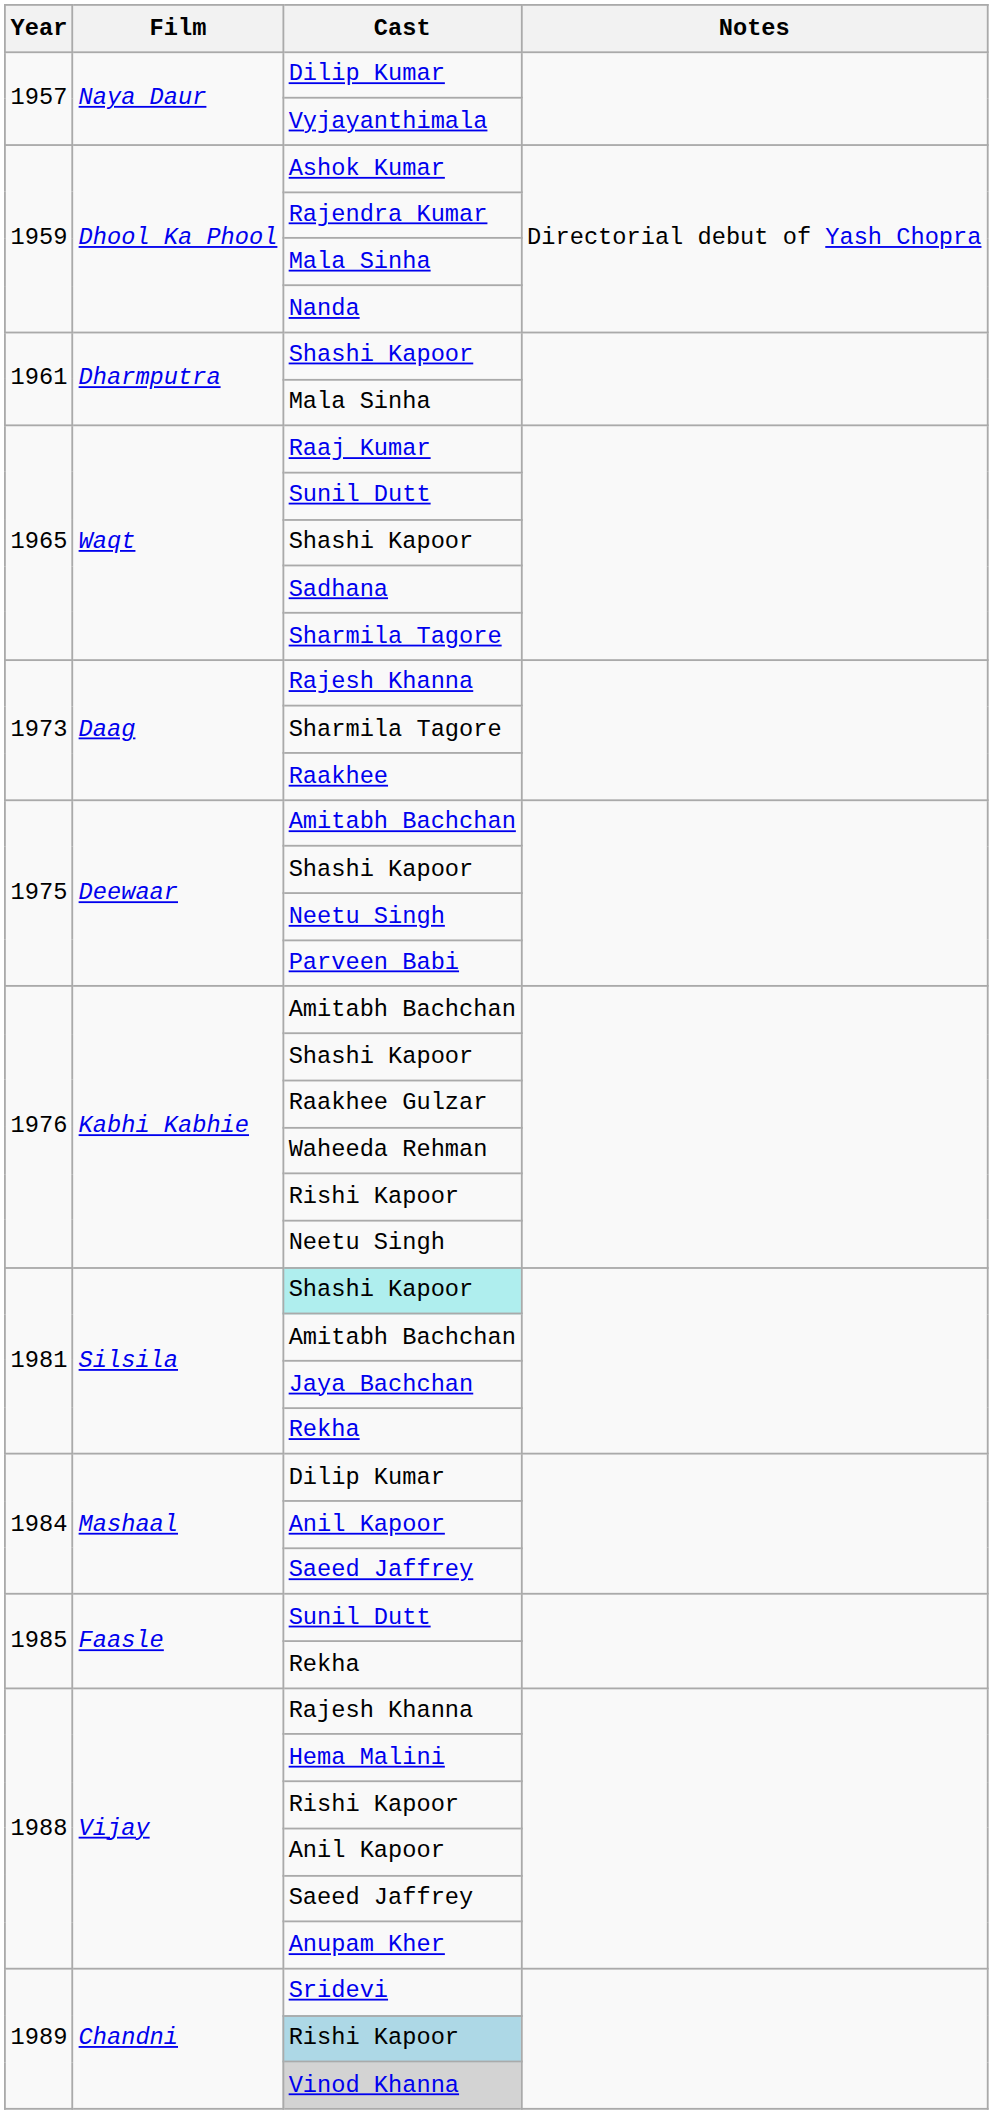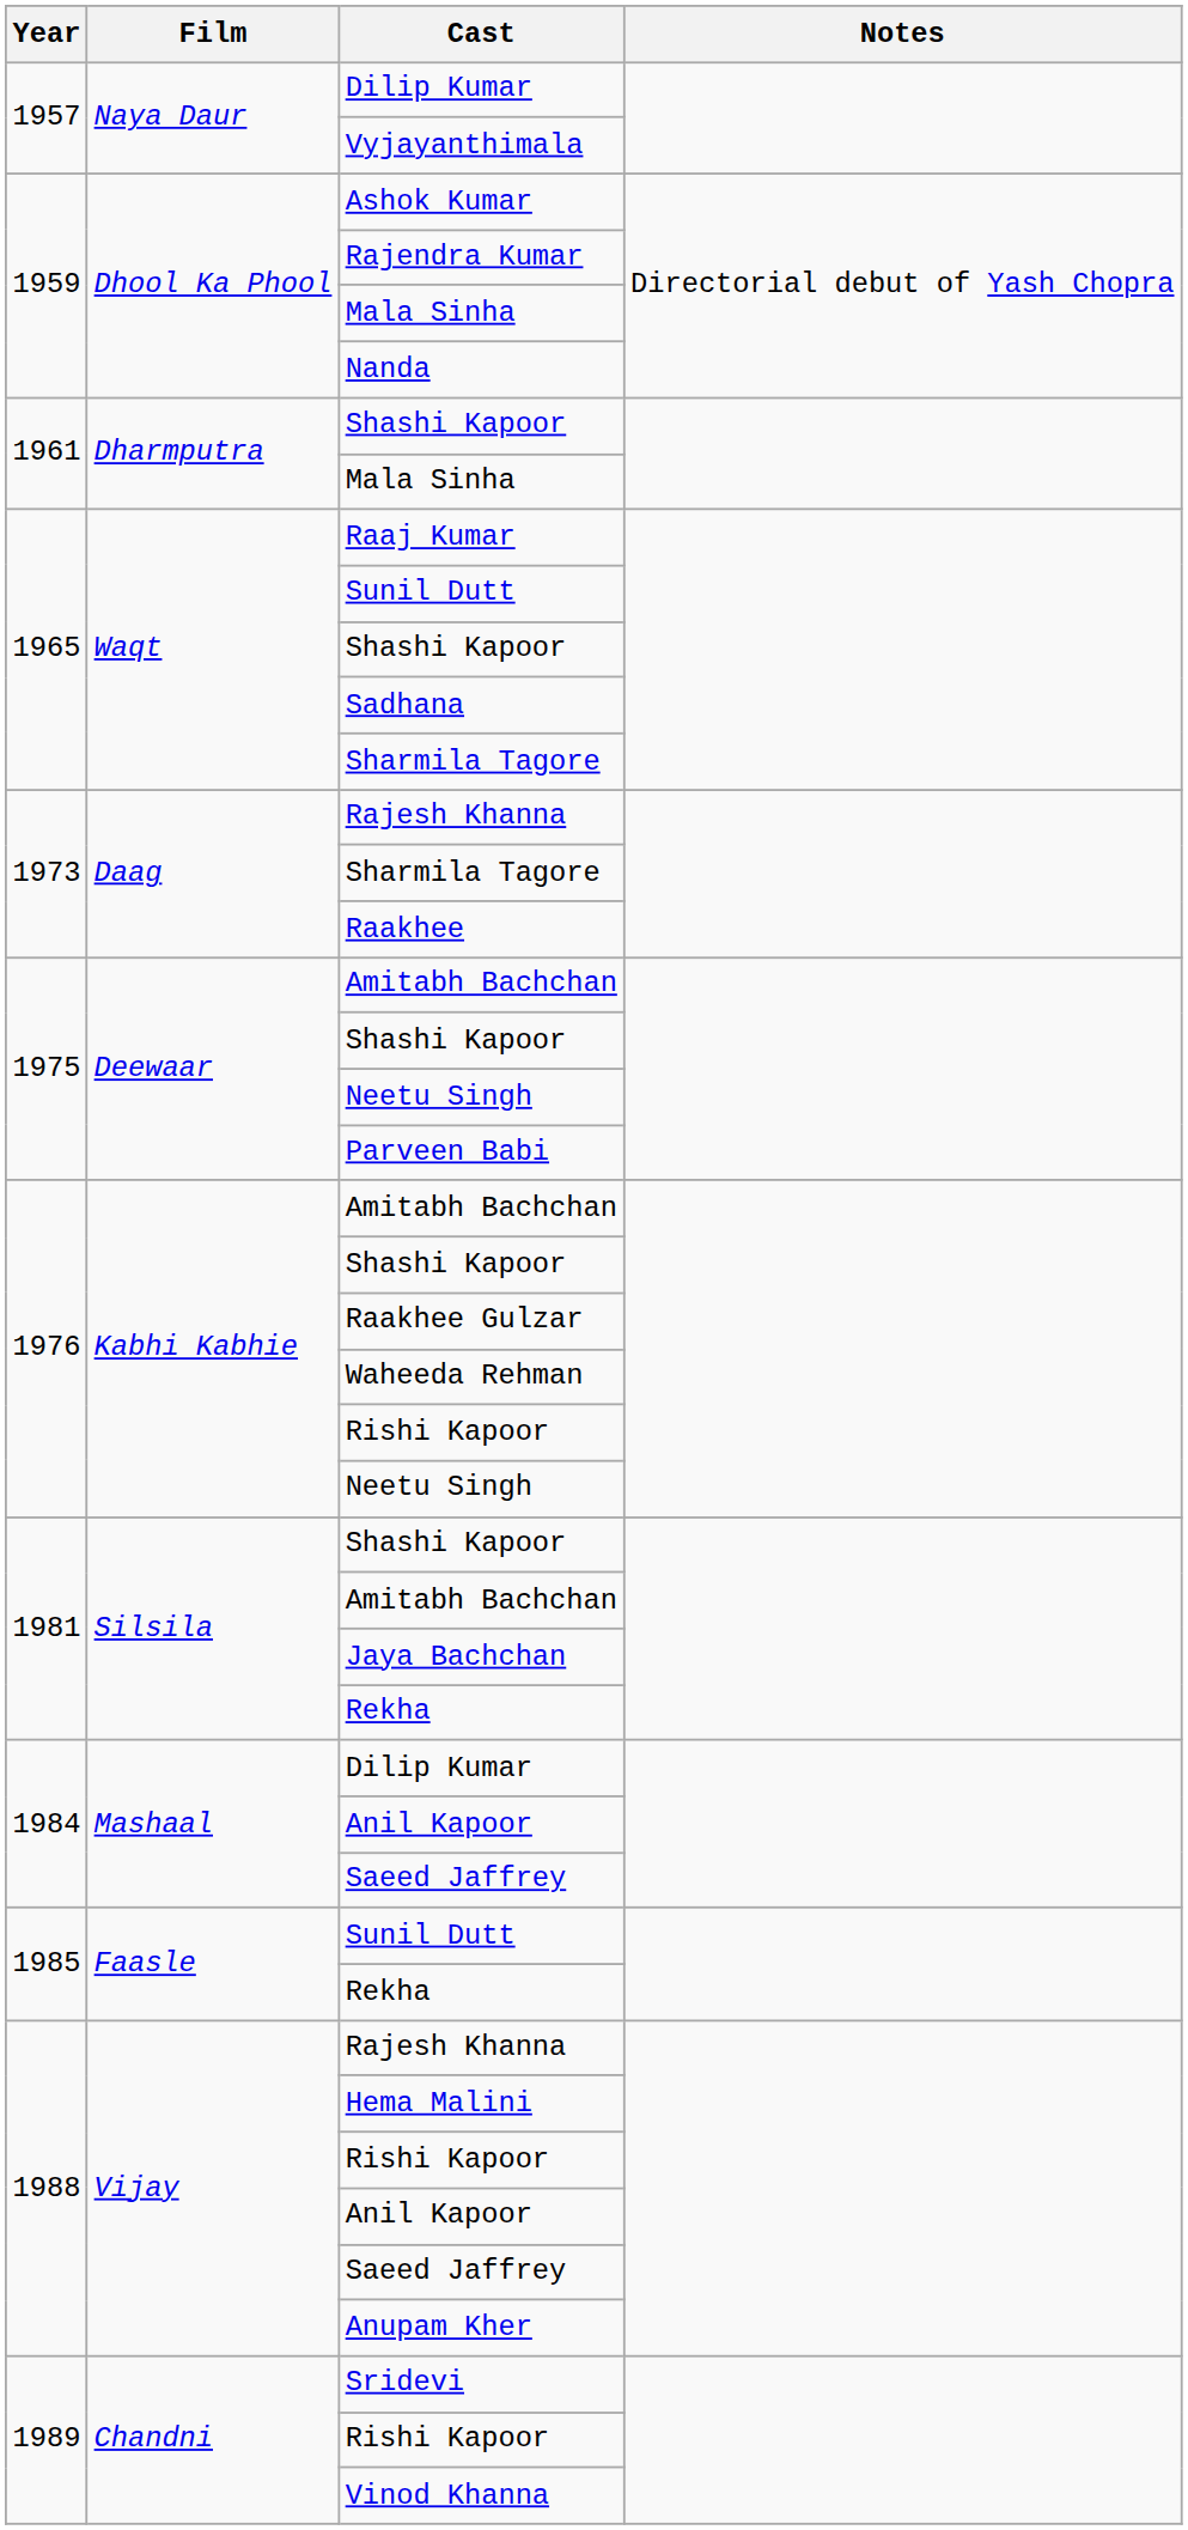 <table class="wikitable sortable" style="font-size:1.00em; line-height:1.5em;">
 <tr>
 <th>Year</th>
 <th>Film</th>
 <th>Cast</th>
 <th>Notes</th>
 </tr>
 <tr>
 <td rowspan="2">1957</td>
 <td rowspan="2"><em><a href='#'>Naya Daur</a></em></td>
 <td><a href='#'>Dilip Kumar</a></td>
 <td rowspan="2"></td>
 </tr>
 <tr>
 <td><a href='#'>Vyjayanthimala</a></td>
 </tr>
 <tr>
 <td rowspan="4">1959</td>
 <td rowspan="4"><em><a href='#'>Dhool Ka Phool</a></em></td>
 <td><a href='#'>Ashok Kumar</a></td>
 <td rowspan="4">Directorial debut of <a href='#'>Yash Chopra</a></td>
 </tr>
 <tr>
 <td><a href='#'>Rajendra Kumar</a></td>
 </tr>
 <tr>
 <td><a href='#'>Mala Sinha</a></td>
 </tr>
 <tr>
 <td><a href='#'>Nanda</a></td>
 </tr>
 <tr>
 <td rowspan="2">1961</td>
 <td rowspan="2"><em><a href='#'>Dharmputra</a></em></td>
 <td><a href='#'>Shashi Kapoor</a></td>
 <td rowspan="2"></td>
 </tr>
 <tr>
 <td>Mala Sinha</td>
 </tr>
 <tr>
 <td rowspan="5">1965</td>
 <td rowspan="5"><em><a href='#'>Waqt</a></em></td>
 <td><a href='#'>Raaj Kumar</a></td>
 <td rowspan="5"></td>
 </tr>
 <tr>
 <td><a href='#'>Sunil Dutt</a></td>
 </tr>
 <tr>
 <td>Shashi Kapoor</td>
 </tr>
 <tr>
 <td><a href='#'>Sadhana</a></td>
 </tr>
 <tr>
 <td><a href='#'>Sharmila Tagore</a></td>
 </tr>
 <tr>
 <td rowspan="3">1973</td>
 <td rowspan="3"><em><a href='#'>Daag</a></em></td>
 <td><a href='#'>Rajesh Khanna</a></td>
 <td rowspan="3"></td>
 </tr>
 <tr>
 <td>Sharmila Tagore</td>
 </tr>
 <tr>
 <td><a href='#'>Raakhee</a></td>
 </tr>
 <tr>
 <td rowspan="4">1975</td>
 <td rowspan="4"><em><a href='#'>Deewaar</a></em></td>
 <td><a href='#'>Amitabh Bachchan</a></td>
 <td rowspan="4"></td>
 </tr>
 <tr>
 <td>Shashi Kapoor</td>
 </tr>
 <tr>
 <td><a href='#'>Neetu Singh</a></td>
 </tr>
 <tr>
 <td><a href='#'>Parveen Babi</a></td>
 </tr>
 <tr>
 <td rowspan="6">1976</td>
 <td rowspan="6"><em><a href='#'>Kabhi Kabhie</a></em></td>
 <td>Amitabh Bachchan</td>
 <td rowspan="6"></td>
 </tr>
 <tr>
 <td>Shashi Kapoor</td>
 </tr>
 <tr>
 <td>Raakhee Gulzar</td>
 </tr>
 <tr>
 <td>Waheeda Rehman</td>
 </tr>
 <tr>
 <td>Rishi Kapoor</td>
 </tr>
 <tr>
 <td>Neetu Singh</td>
 </tr>
 <tr>
 <td rowspan="4">1981</td>
 <td rowspan="4"><em><a href='#'>Silsila</a></em></td>
-<td style="background: paleturquoise;">Shashi Kapoor</td>
+<td>Shashi Kapoor</td>
 <td rowspan="4"></td>
 </tr>
 <tr>
 <td>Amitabh Bachchan</td>
 </tr>
 <tr>
 <td><a href='#'>Jaya Bachchan</a></td>
 </tr>
 <tr>
 <td><a href='#'>Rekha</a></td>
 </tr>
 <tr>
 <td rowspan="3">1984</td>
 <td rowspan="3"><em><a href='#'>Mashaal</a></em></td>
 <td>Dilip Kumar</td>
 <td rowspan="3"></td>
 </tr>
 <tr>
 <td><a href='#'>Anil Kapoor</a></td>
 </tr>
 <tr>
 <td><a href='#'>Saeed Jaffrey</a></td>
 </tr>
 <tr>
 <td rowspan="2">1985</td>
 <td rowspan="2"><em><a href='#'>Faasle</a></em></td>
 <td><a href='#'>Sunil Dutt</a></td>
 <td rowspan="2"></td>
 </tr>
 <tr>
 <td>Rekha</td>
 </tr>
 <tr>
 <td rowspan="6">1988</td>
 <td rowspan="6"><em><a href='#'>Vijay</a></em></td>
 <td>Rajesh Khanna</td>
 <td rowspan="6"></td>
 </tr>
 <tr>
 <td><a href='#'>Hema Malini</a></td>
 </tr>
 <tr>
 <td>Rishi Kapoor</td>
 </tr>
 <tr>
 <td>Anil Kapoor</td>
 </tr>
 <tr>
 <td>Saeed Jaffrey</td>
 </tr>
 <tr>
 <td><a href='#'>Anupam Kher</a></td>
 </tr>
 <tr>
 <td rowspan="3">1989</td>
 <td rowspan="3"><em><a href='#'>Chandni</a></em></td>
 <td><a href='#'>Sridevi</a></td>
 <td rowspan="3"></td>
 </tr>
 <tr>
-<td style="background: lightblue;">Rishi Kapoor</td>
+<td>Rishi Kapoor</td>
 </tr>
 <tr>
-<td style="background: lightgrey;"><a href='#'>Vinod Khanna</a></td>
+<td><a href='#'>Vinod Khanna</a></td>
 </tr>
 </table>
